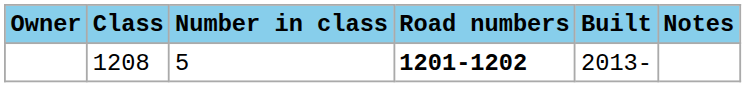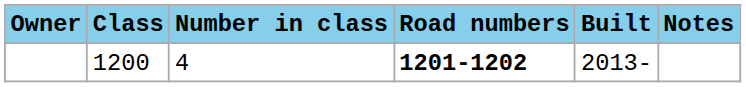 <table class="wikitable sortable">
 <tr style="background:#87CEEB;">
 <td><strong>Owner</strong></td>
 <td><strong>Class</strong></td>
 <td><strong>Number in class</strong></td>
 <td><strong>Road numbers</strong></td>
 <td><strong>Built</strong></td>
 <td><strong>Notes</strong></td>
 </tr>
 <tr style="background:#FFFFFF;">
 <td></td>
-<td>1208</td>
-<td>5</td>
+<td>1200</td>
+<td>4</td>
 <td><strong>1201-1202</strong></td>
 <td>2013-</td>
 <td></td>
 </tr>
 </table>
